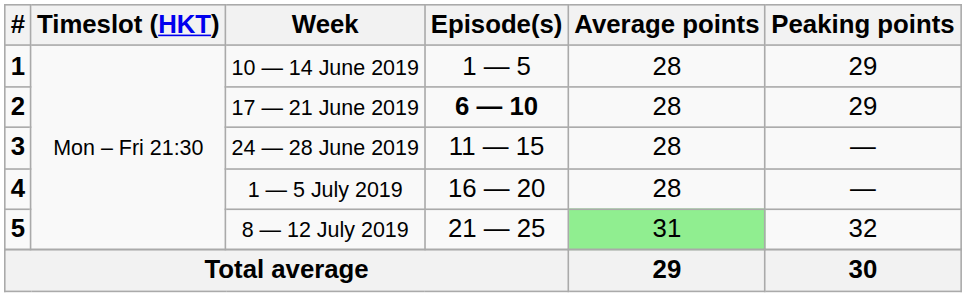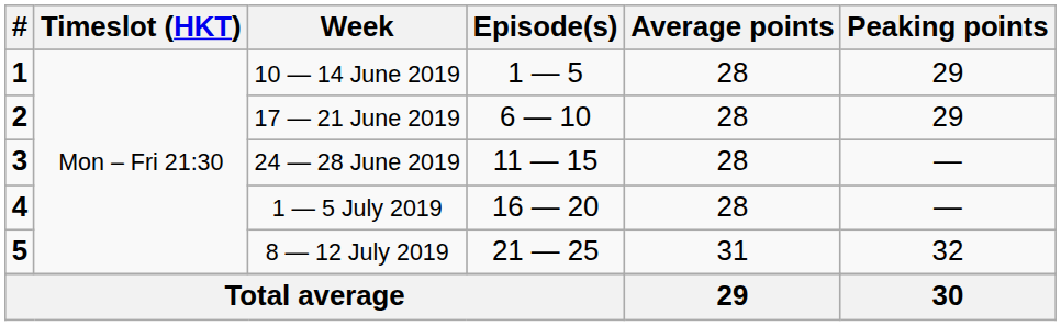 <table class="wikitable" style="text-align:center;">
 <tr>
 <th>#</th>
 <th>Timeslot (<a href='#'>HKT</a>)</th>
 <th>Week</th>
 <th>Episode(s)</th>
 <th>Average points</th>
 <th>Peaking points</th>
 </tr>
 <tr>
 <td><strong>1</strong></td>
 <td rowspan="5"><small>Mon – Fri 21:30</small></td>
 <td><small>10 — 14 June 2019</small></td>
 <td>1 — 5</td>
 <td>28</td>
 <td>29</td>
 </tr>
 <tr>
 <td><strong>2</strong></td>
 <td><small>17 — 21 June 2019</small></td>
-<td><strong>6 — 10</strong></td>
+<td>6 — 10</td>
 <td>28</td>
 <td>29</td>
 </tr>
 <tr>
 <td><strong>3</strong></td>
 <td><small>24 — 28 June 2019</small></td>
 <td>11 — 15</td>
 <td>28</td>
 <td>⁠—</td>
 </tr>
 <tr>
 <td><strong>4</strong></td>
 <td><small>1 — 5 July 2019</small></td>
 <td>16 — 20</td>
 <td>28</td>
 <td>⁠—</td>
 </tr>
 <tr>
 <td><strong>5</strong></td>
 <td><small>8 — 12 July 2019</small></td>
 <td>21 — 25</td>
-<td style="background: lightgreen;">31</td>
+<td>31</td>
 <td>⁠32</td>
 </tr>
 <tr>
 </tr>
 <tr>
 <th colspan="4"><strong>Total average</strong></th>
 <th><strong>⁠29</strong></th>
 <th><strong>⁠30</strong></th>
 </tr>
 </table>
